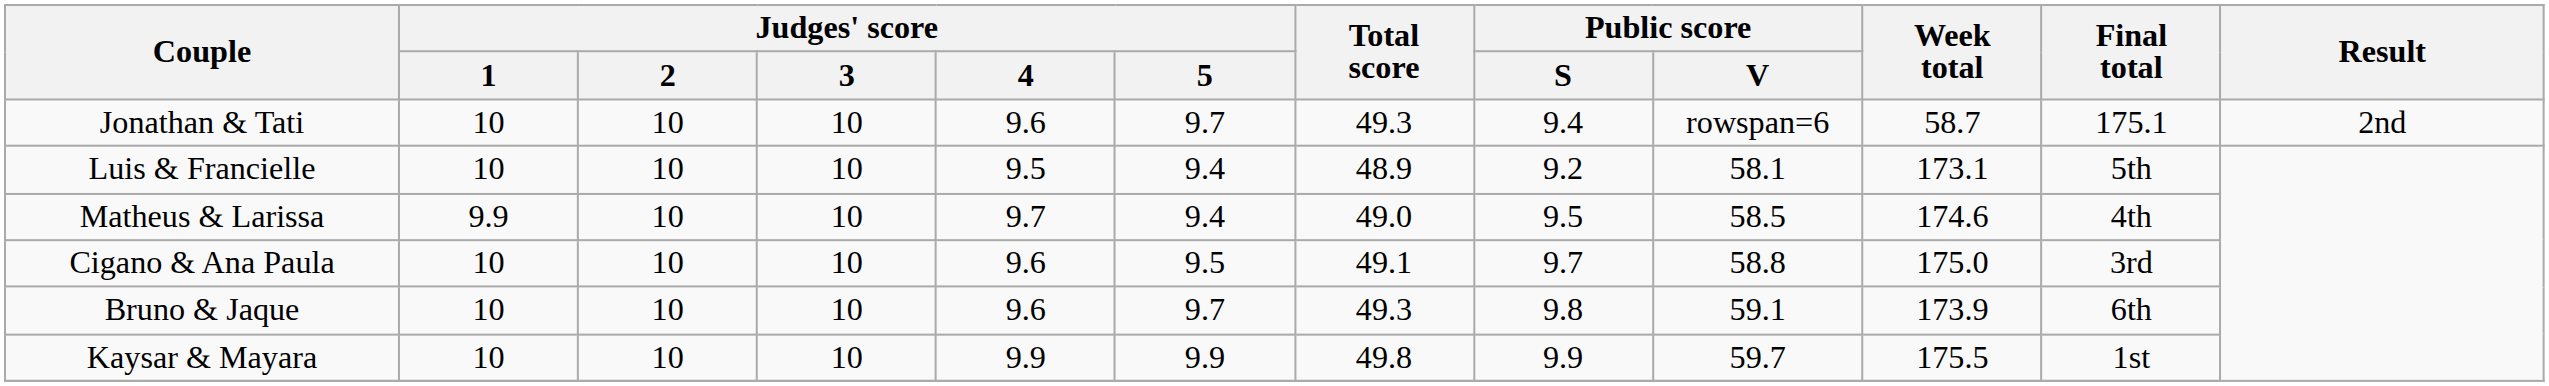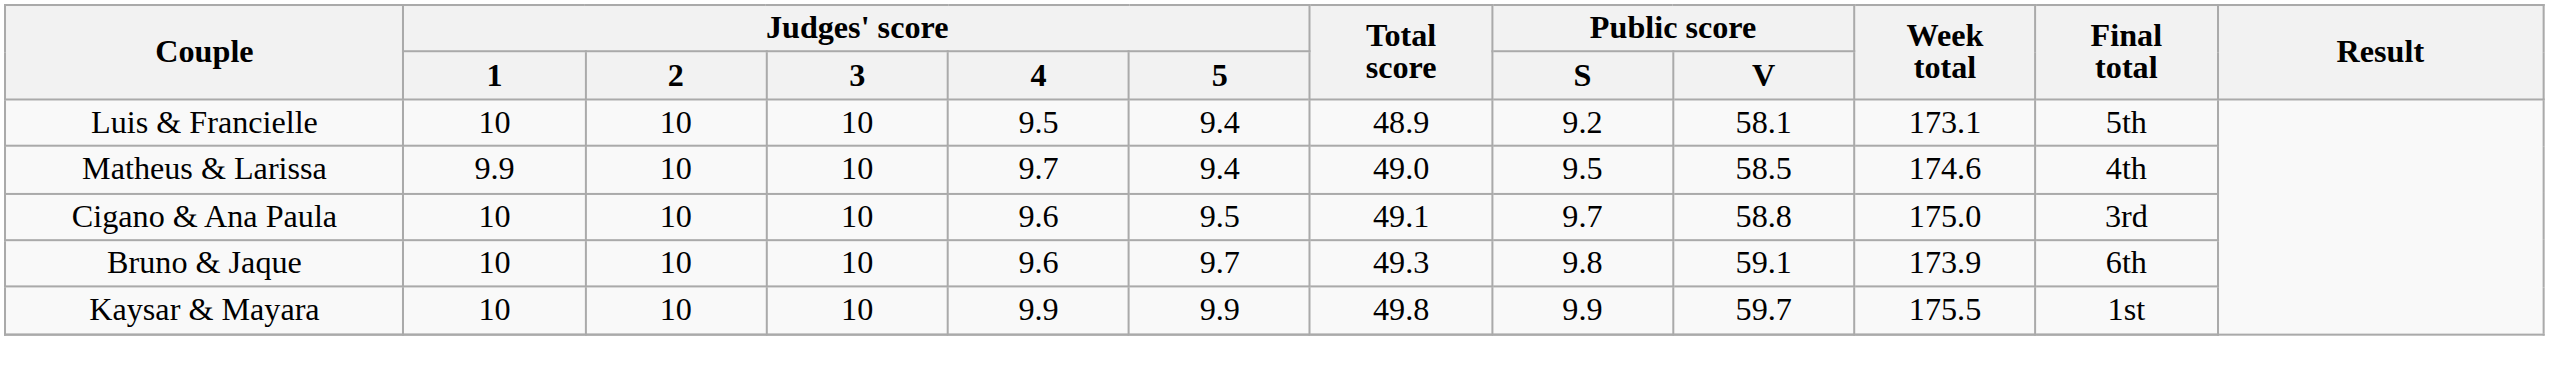 <table class="wikitable" style="font-size:100%; line-height:16px; text-align:center" width="100%">
 <tr>
 <th rowspan=2 width="11.0%">Couple</th>
 <th colspan=5 width="25.0%">Judges' score</th>
 <th rowspan=2 width="05.0%">Total<br>score</th>
 <th colspan=2 width="10.0%">Public score</th>
 <th rowspan=2 width="05.0%">Week<br>total</th>
 <th rowspan=2 width="05.0%">Final<br>total</th>
 <th rowspan=2 width="09.0%">Result</th>
 </tr>
 <tr>
 <th width="05.0%">1</th>
 <th width="05.0%">2</th>
 <th width="05.0%">3</th>
 <th width="05.0%">4</th>
 <th width="05.0%">5</th>
 <th width="05.0%">S</th>
 <th width="05.0%">V</th>
-</tr>
-<tr>
-<td>Jonathan & Tati</td>
-<td>10</td>
-<td>10</td>
-<td>10</td>
-<td>9.6</td>
-<td>9.7</td>
-<td>49.3</td>
-<td>9.4</td>
-<td>rowspan=6 </td>
-<td>58.7</td>
-<td>175.1</td>
-<td>2nd</td>
 </tr>
 <tr>
 <td>Luis & Francielle</td>
 <td>10</td>
 <td>10</td>
 <td>10</td>
 <td>9.5</td>
 <td>9.4</td>
 <td>48.9</td>
 <td>9.2</td>
 <td>58.1</td>
 <td>173.1</td>
 <td>5th</td>
 </tr>
 <tr>
 <td>Matheus & Larissa</td>
 <td>9.9</td>
 <td>10</td>
 <td>10</td>
 <td>9.7</td>
 <td>9.4</td>
 <td>49.0</td>
 <td>9.5</td>
 <td>58.5</td>
 <td>174.6</td>
 <td>4th</td>
 </tr>
 <tr>
 <td>Cigano & Ana Paula</td>
 <td>10</td>
 <td>10</td>
 <td>10</td>
 <td>9.6</td>
 <td>9.5</td>
 <td>49.1</td>
 <td>9.7</td>
 <td>58.8</td>
 <td>175.0</td>
 <td>3rd</td>
 </tr>
 <tr>
 <td>Bruno & Jaque</td>
 <td>10</td>
 <td>10</td>
 <td>10</td>
 <td>9.6</td>
 <td>9.7</td>
 <td>49.3</td>
 <td>9.8</td>
 <td>59.1</td>
 <td>173.9</td>
 <td>6th</td>
 </tr>
 <tr>
 <td>Kaysar & Mayara</td>
 <td>10</td>
 <td>10</td>
 <td>10</td>
 <td>9.9</td>
 <td>9.9</td>
 <td>49.8</td>
 <td>9.9</td>
 <td>59.7</td>
 <td>175.5</td>
 <td>1st</td>
 </tr>
 <tr>
 </tr>
 </table>
